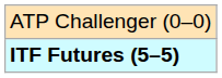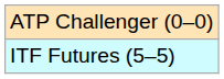 <table class=wikitable style=font-size:97%>
 <tr bgcolor=moccasin>
 <td>ATP Challenger (0–0)</td>
 </tr>
 <tr bgcolor=cffcff>
-<td><strong>ITF Futures (5–5)</strong></td>
+<td>ITF Futures (5–5)</td>
 </tr>
 </table>
